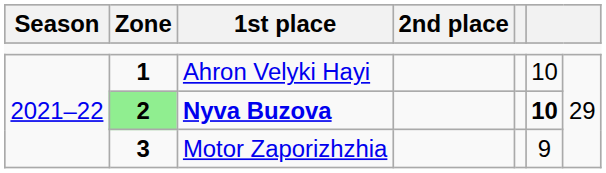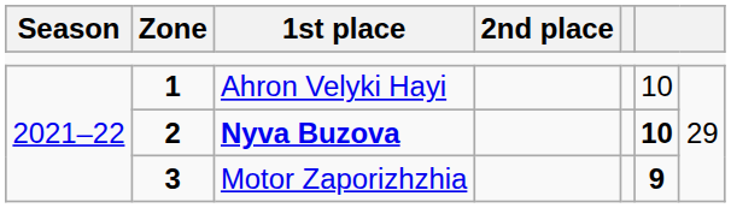 <table class="wikitable" align=center style="border:2px black; font-size:90%;">
 <tr>
 <th>Season</th>
 <th>Zone</th>
 <th>1st place</th>
 <th>2nd place</th>
 <th></th>
 <th colspan=2></th>
 </tr>
 <tr>
 <td colspan=5 style="border:1px black;"></td>
 </tr>
 <tr>
 <td rowspan=3 align=center><a href='#'>2021–22</a><br></td>
 <td align=center><strong>1</strong></td>
 <td><a href='#'>Ahron Velyki Hayi</a></td>
 <td></td>
 <td></td>
 <td align=center>10</td>
 <td rowspan=6 align=center>29</td>
 </tr>
 <tr>
-<td align=center style="background: lightgreen;"><strong>2</strong></td>
+<td align=center><strong>2</strong></td>
 <td><strong><a href='#'>Nyva Buzova</a></strong></td>
 <td></td>
 <td></td>
 <td align=center><strong>10</strong></td>
 </tr>
 <tr>
 <td align=center><strong>3</strong></td>
 <td><a href='#'>Motor Zaporizhzhia</a></td>
 <td></td>
 <td></td>
-<td align=center>9</td>
+<td align=center><strong>9</strong></td>
 </tr>
 </table>
